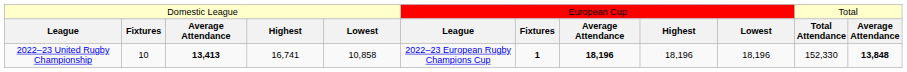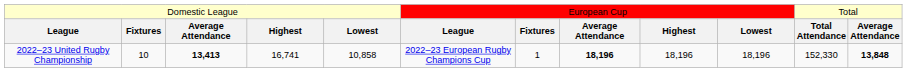 <table class="wikitable sortable" style="font-size:90%; width:90%;">
 <tr>
 <td colspan="5" class="wikitable sortable" style="width:45%; background:#ffffcc; text-align:center;"><span>Domestic League</span></td>
 <td colspan="5" class="wikitable sortable" style="width:45%; background:#f00; text-align:center;"><span>European Cup</span></td>
 <td colspan="2" class="wikitable sortable" style="width:45%; background:#ffffcc; text-align:center;"><span>Total</span></td>
 </tr>
 <tr>
 <th style="width:15%;">League</th>
 <th style="width:5%;">Fixtures</th>
 <th style="width:10%;">Average Attendance</th>
 <th style="width:10%;">Highest</th>
 <th style="width:10%;">Lowest</th>
 <th style="width:15%;">League</th>
 <th style="width:5%;">Fixtures</th>
 <th style="width:10%;">Average Attendance</th>
 <th style="width:10%;">Highest</th>
 <th style="width:10%;">Lowest</th>
 <th style="width:10%;">Total Attendance</th>
 <th style="width:10%;">Average Attendance</th>
 </tr>
 <tr>
 <td align=center><a href='#'>2022–23 United Rugby Championship</a></td>
 <td align=center>10</td>
 <td align=center><strong>13,413</strong></td>
 <td align=center>16,741</td>
 <td align=center>10,858</td>
 <td align=center><a href='#'>2022–23 European Rugby Champions Cup</a></td>
-<td align=center><strong>1</strong></td>
+<td align=center>1</td>
 <td align=center><strong>18,196</strong></td>
 <td align=center>18,196</td>
 <td align=center>18,196</td>
 <td align=center>152,330</td>
 <td align=center><strong>13,848</strong></td>
 </tr>
 </table>
